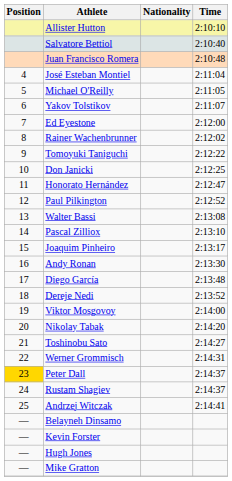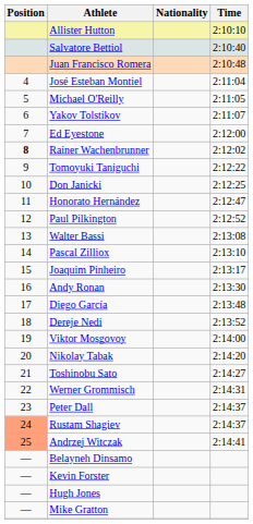 <table class="wikitable sortable">
 <tr>
 <th>Position</th>
 <th>Athlete</th>
 <th>Nationality</th>
 <th>Time</th>
 </tr>
 <tr bgcolor="#F7F6A8">
 <td align=center></td>
 <td><a href='#'>Allister Hutton</a></td>
 <td></td>
 <td>2:10:10</td>
 </tr>
 <tr bgcolor="#DCE5E5">
 <td align=center></td>
 <td><a href='#'>Salvatore Bettiol</a></td>
 <td></td>
 <td>2:10:40</td>
 </tr>
 <tr bgcolor="#FFDAB9">
 <td align=center></td>
 <td><a href='#'>Juan Francisco Romera</a></td>
 <td></td>
 <td>2:10:48</td>
 </tr>
 <tr>
 <td align=center>4</td>
 <td><a href='#'>José Esteban Montiel</a></td>
 <td></td>
 <td>2:11:04</td>
 </tr>
 <tr>
 <td align=center>5</td>
 <td><a href='#'>Michael O'Reilly</a></td>
 <td></td>
 <td>2:11:05</td>
 </tr>
 <tr>
 <td align=center>6</td>
 <td><a href='#'>Yakov Tolstikov</a></td>
 <td></td>
 <td>2:11:07</td>
 </tr>
 <tr>
 <td align=center>7</td>
 <td><a href='#'>Ed Eyestone</a></td>
 <td></td>
 <td>2:12:00</td>
 </tr>
 <tr>
-<td align=center>8</td>
+<td align=center><strong>8</strong></td>
 <td><a href='#'>Rainer Wachenbrunner</a></td>
 <td></td>
 <td>2:12:02</td>
 </tr>
 <tr>
 <td align=center>9</td>
 <td><a href='#'>Tomoyuki Taniguchi</a></td>
 <td></td>
 <td>2:12:22</td>
 </tr>
 <tr>
 <td align=center>10</td>
 <td><a href='#'>Don Janicki</a></td>
 <td></td>
 <td>2:12:25</td>
 </tr>
 <tr>
 <td align=center>11</td>
 <td><a href='#'>Honorato Hernández</a></td>
 <td></td>
 <td>2:12:47</td>
 </tr>
 <tr>
 <td align=center>12</td>
 <td><a href='#'>Paul Pilkington</a></td>
 <td></td>
 <td>2:12:52</td>
 </tr>
 <tr>
 <td align=center>13</td>
 <td><a href='#'>Walter Bassi</a></td>
 <td></td>
 <td>2:13:08</td>
 </tr>
 <tr>
 <td align=center>14</td>
 <td><a href='#'>Pascal Zilliox</a></td>
 <td></td>
 <td>2:13:10</td>
 </tr>
 <tr>
 <td align=center>15</td>
 <td><a href='#'>Joaquim Pinheiro</a></td>
 <td></td>
 <td>2:13:17</td>
 </tr>
 <tr>
 <td align=center>16</td>
 <td><a href='#'>Andy Ronan</a></td>
 <td></td>
 <td>2:13:30</td>
 </tr>
 <tr>
 <td align=center>17</td>
 <td><a href='#'>Diego García</a></td>
 <td></td>
 <td>2:13:48</td>
 </tr>
 <tr>
 <td align=center>18</td>
 <td><a href='#'>Dereje Nedi</a></td>
 <td></td>
 <td>2:13:52</td>
 </tr>
 <tr>
 <td align=center>19</td>
 <td><a href='#'>Viktor Mosgovoy</a></td>
 <td></td>
 <td>2:14:00</td>
 </tr>
 <tr>
 <td align=center>20</td>
 <td><a href='#'>Nikolay Tabak</a></td>
 <td></td>
 <td>2:14:20</td>
 </tr>
 <tr>
 <td align=center>21</td>
 <td><a href='#'>Toshinobu Sato</a></td>
 <td></td>
 <td>2:14:27</td>
 </tr>
 <tr>
 <td align=center>22</td>
 <td><a href='#'>Werner Grommisch</a></td>
 <td></td>
 <td>2:14:31</td>
 </tr>
 <tr>
-<td align=center style="background: gold;">23</td>
+<td align=center>23</td>
 <td><a href='#'>Peter Dall</a></td>
 <td></td>
 <td>2:14:37</td>
 </tr>
 <tr>
-<td align=center>24</td>
+<td align=center style="background: lightsalmon;">24</td>
 <td><a href='#'>Rustam Shagiev</a></td>
 <td></td>
 <td>2:14:37</td>
 </tr>
 <tr>
-<td align=center>25</td>
+<td align=center style="background: lightsalmon;">25</td>
 <td><a href='#'>Andrzej Witczak</a></td>
 <td></td>
 <td>2:14:41</td>
 </tr>
 <tr>
 <td align=center>—</td>
 <td><a href='#'>Belayneh Dinsamo</a></td>
 <td></td>
 <td></td>
 </tr>
 <tr>
 <td align=center>—</td>
 <td><a href='#'>Kevin Forster</a></td>
 <td></td>
 <td></td>
 </tr>
 <tr>
 <td align=center>—</td>
 <td><a href='#'>Hugh Jones</a></td>
 <td></td>
 <td></td>
 </tr>
 <tr>
 <td align=center>—</td>
 <td><a href='#'>Mike Gratton</a></td>
 <td></td>
 <td></td>
 </tr>
 <tr>
 </tr>
 </table>
